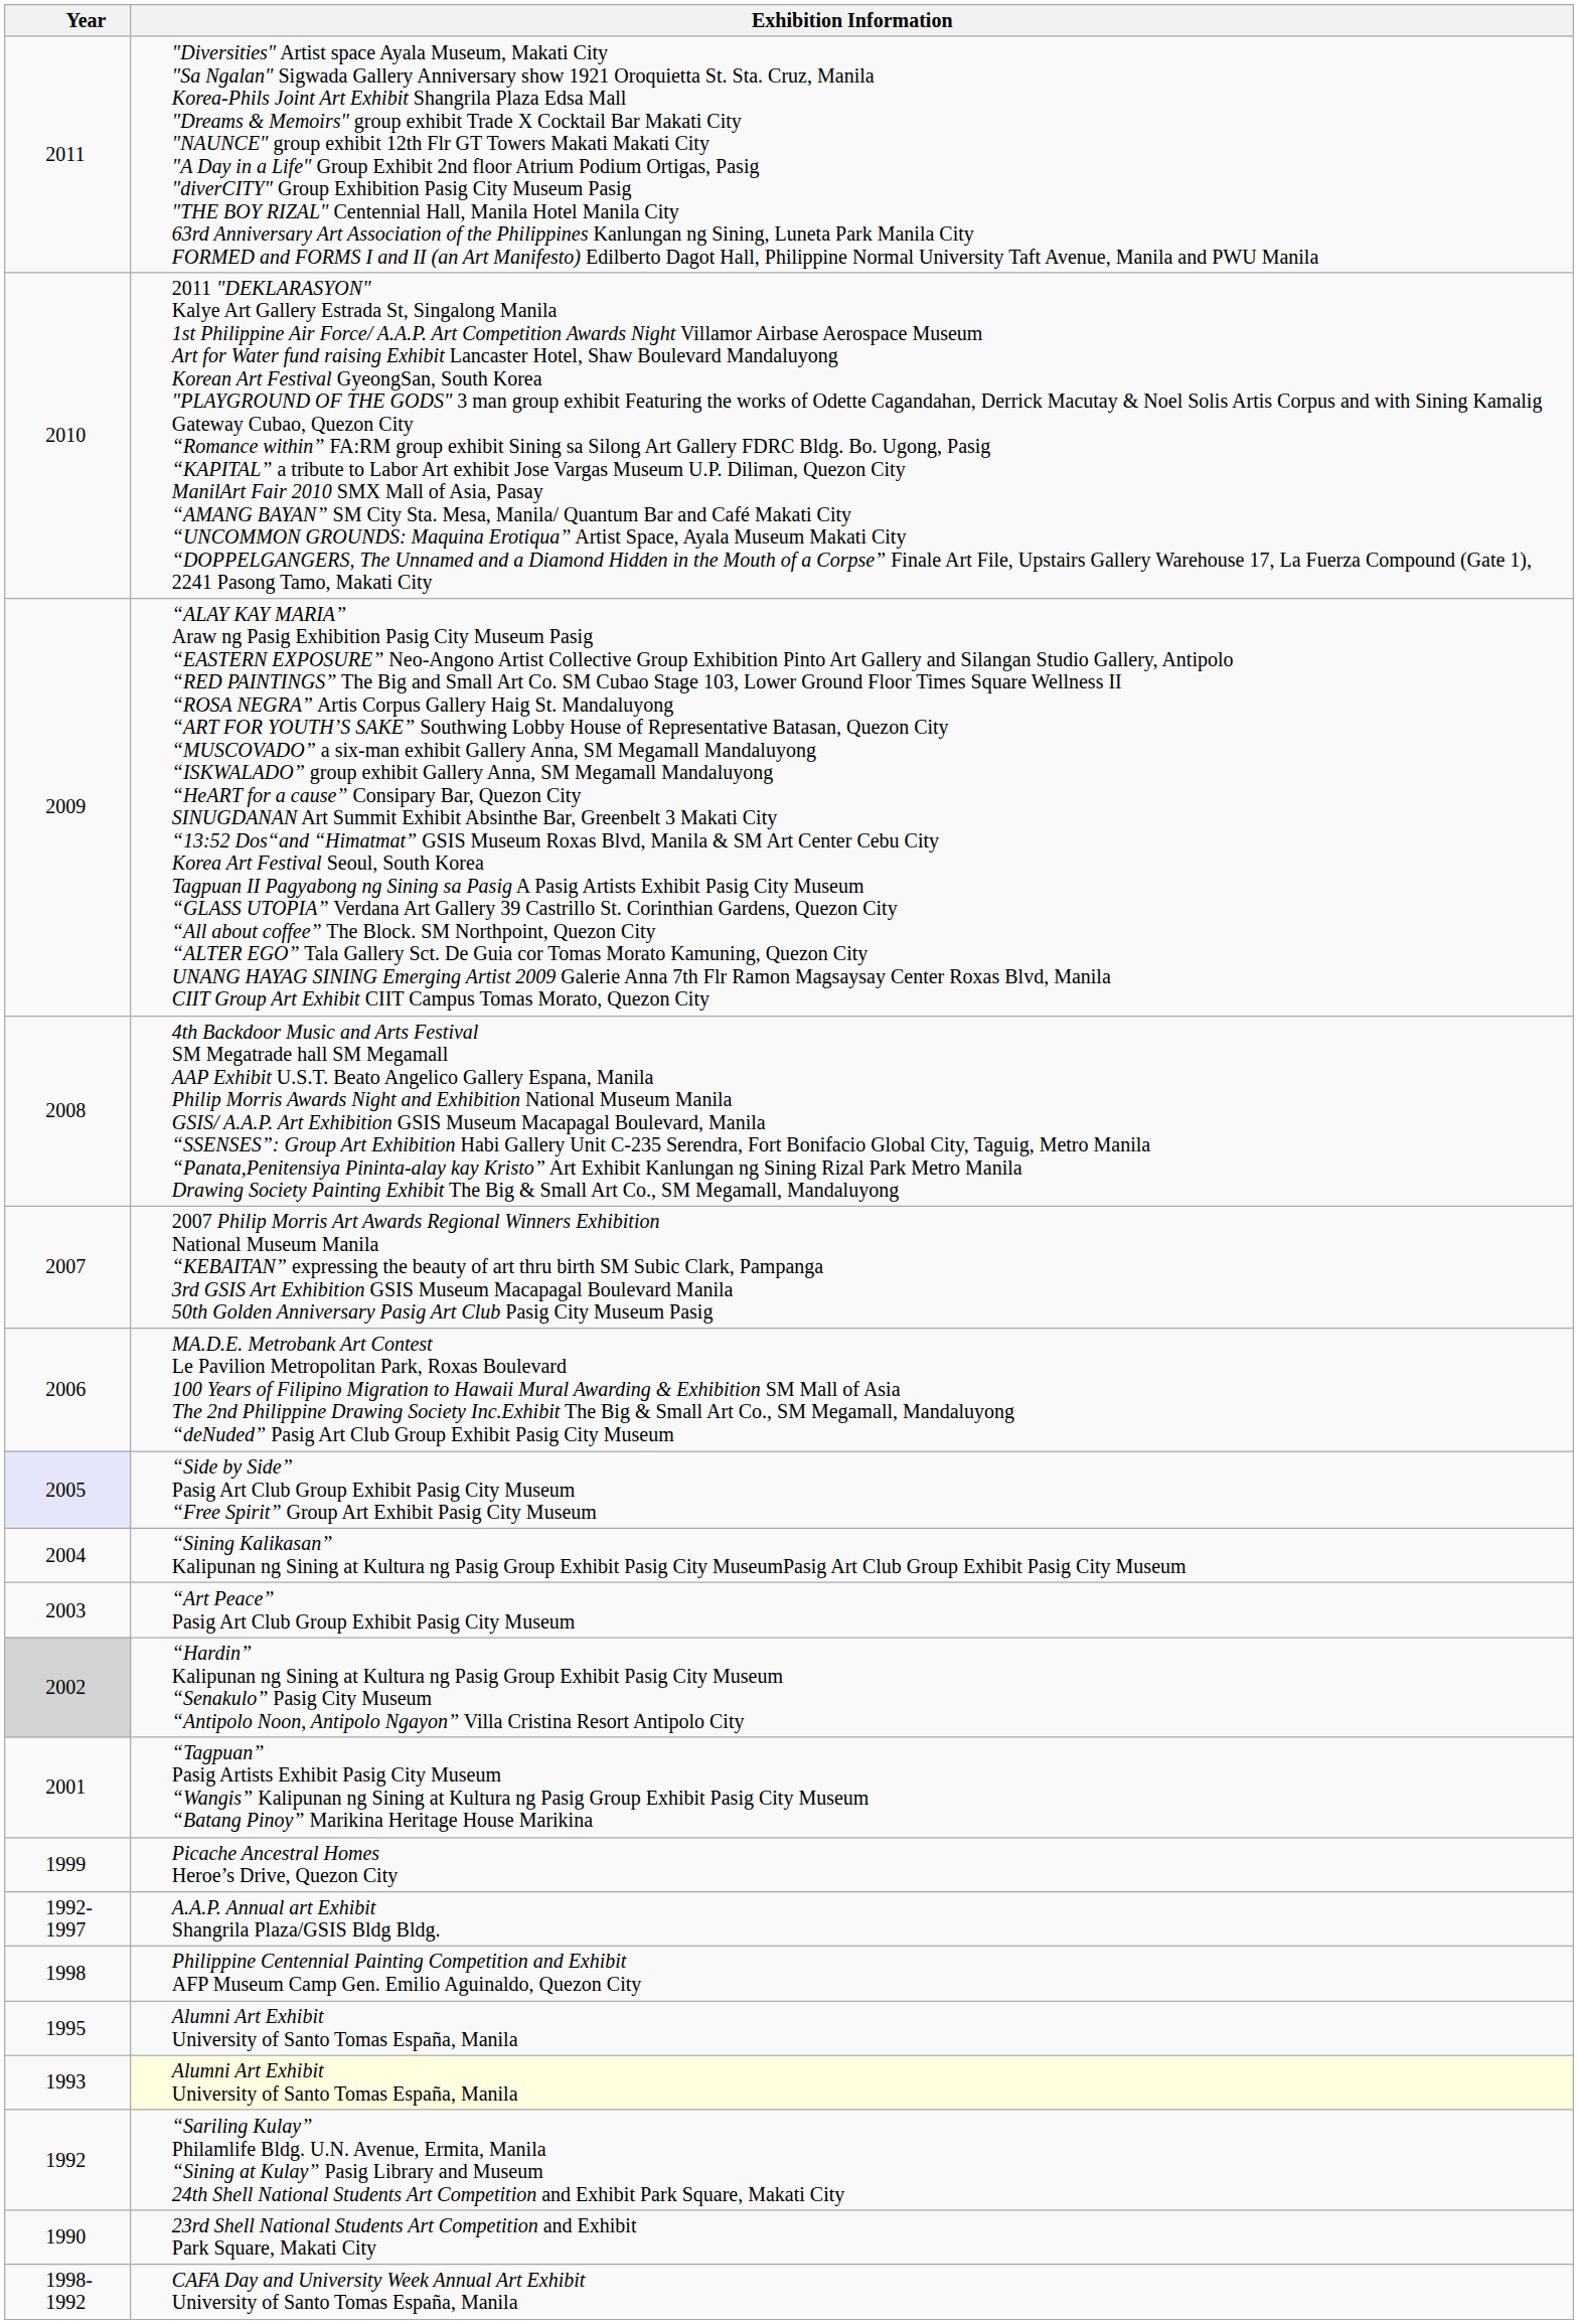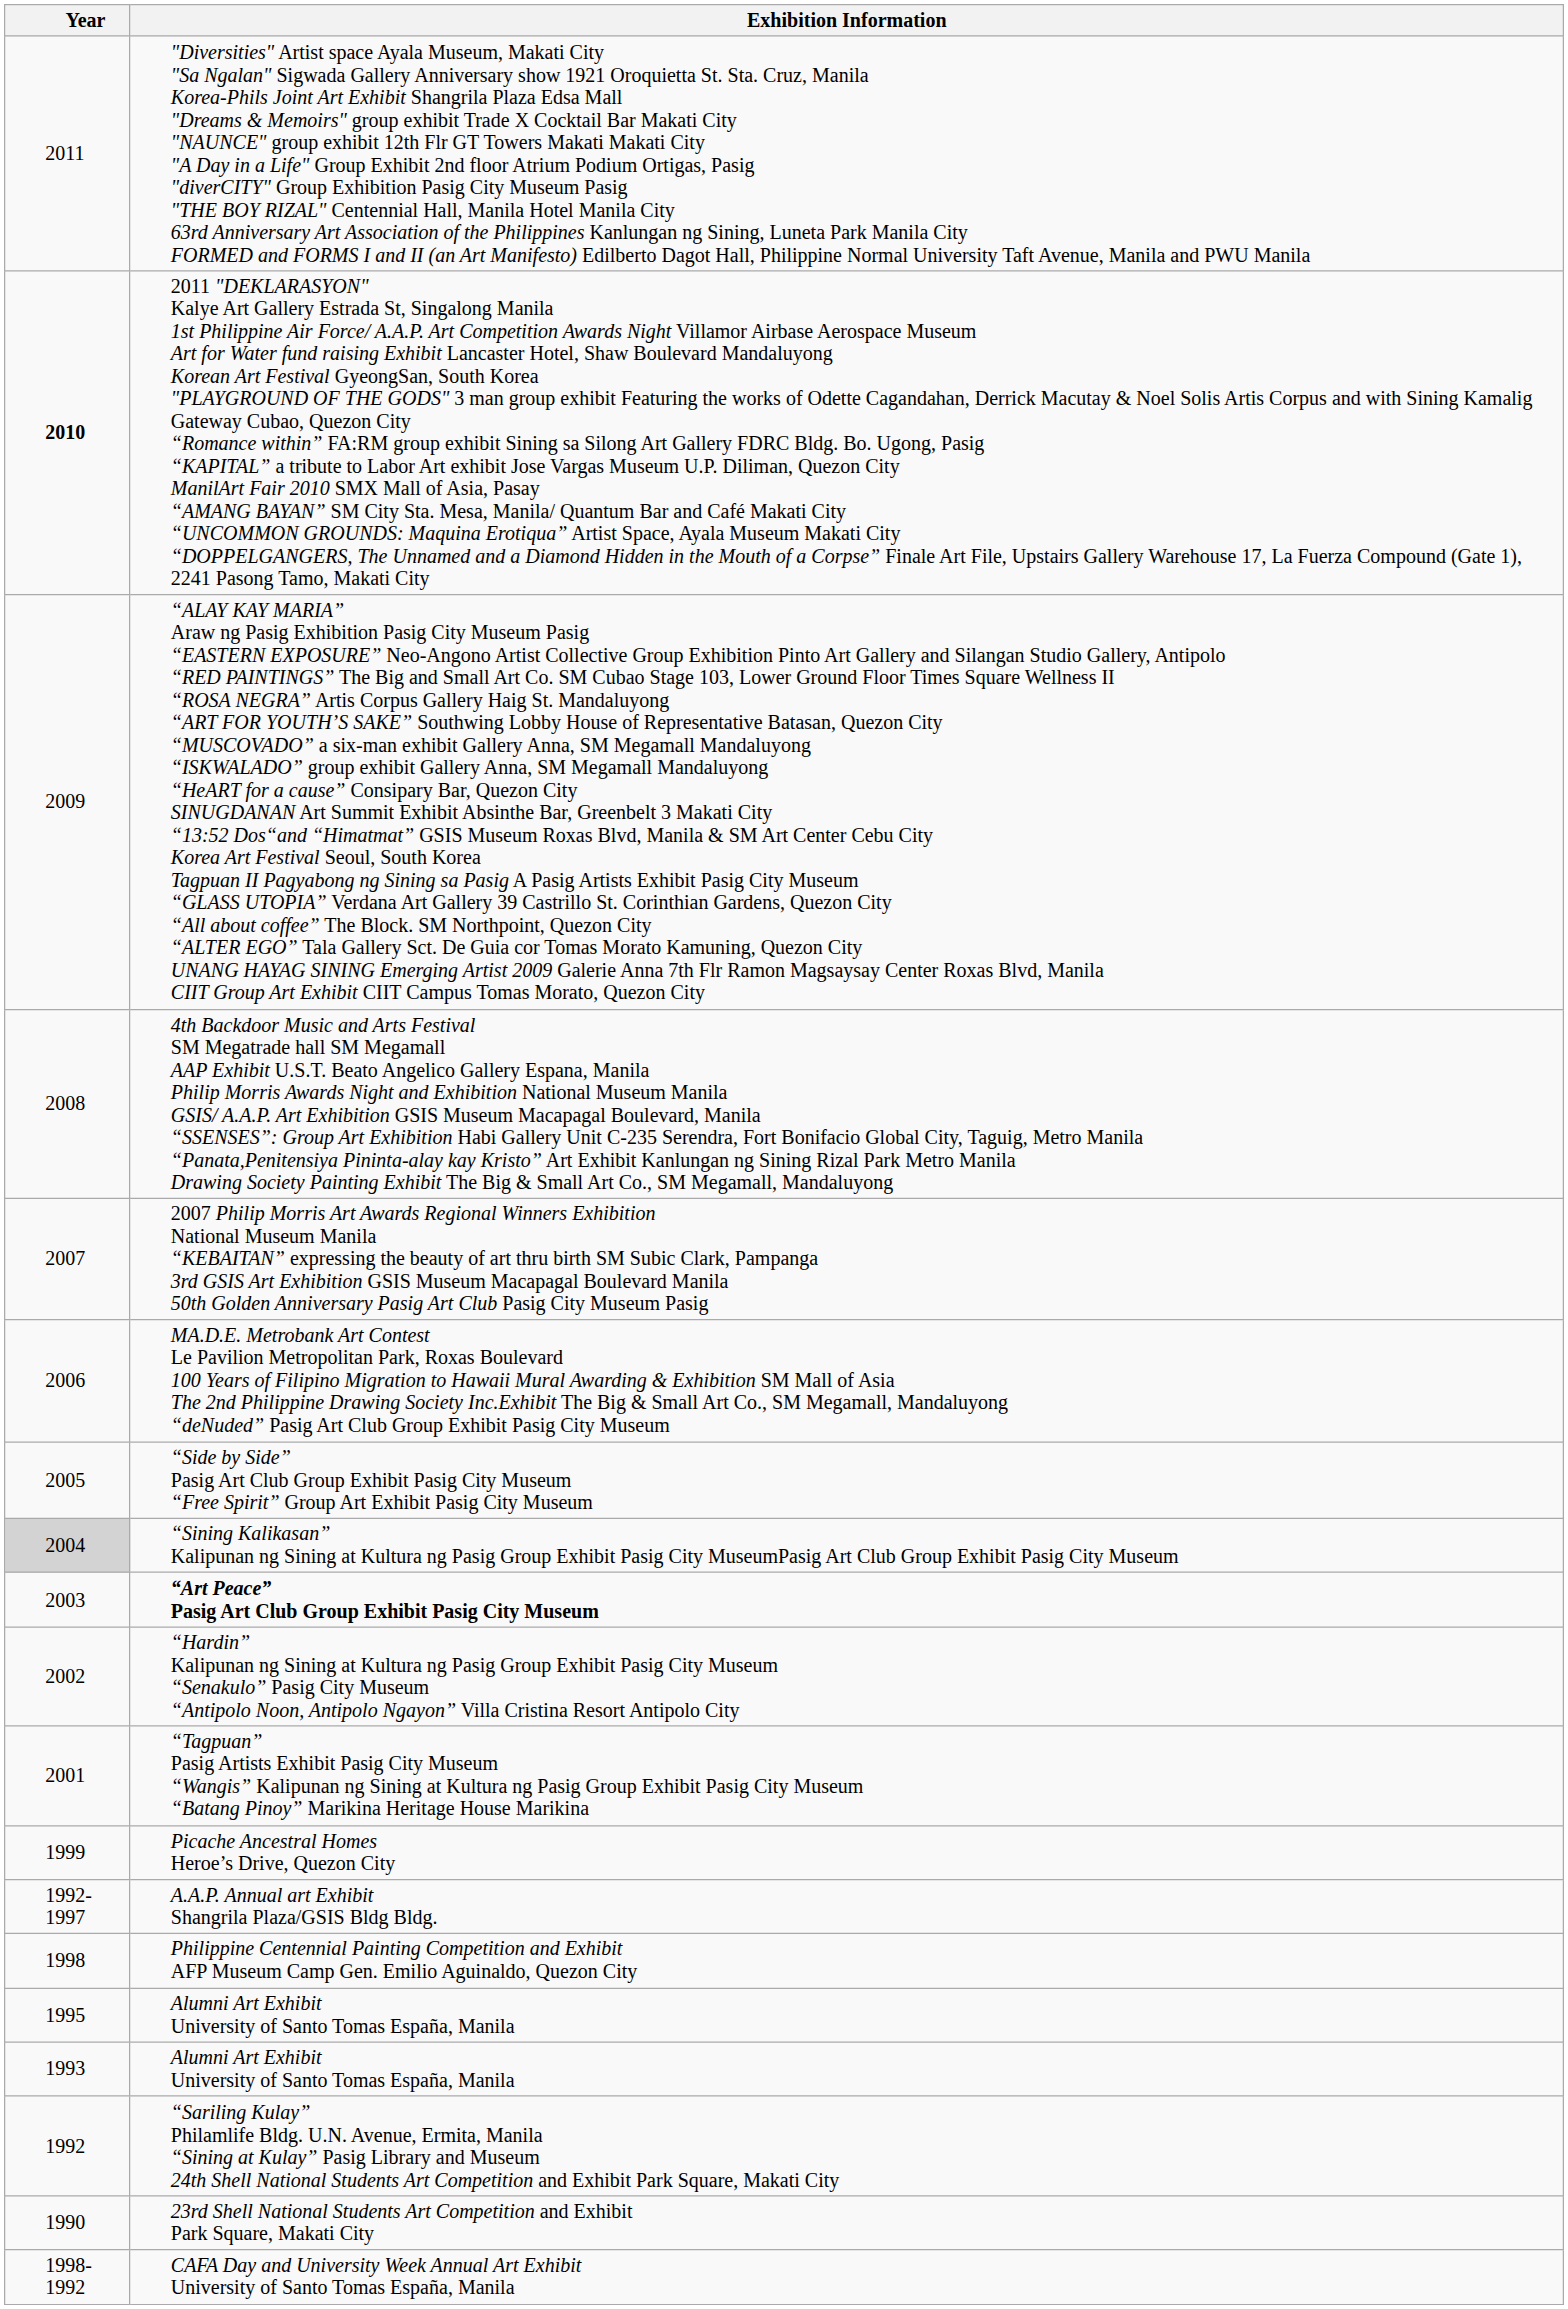 <table class="wikitable">
 <tr>
 <th style="padding-left: 2em">Year</th>
 <th>Exhibition Information</th>
 </tr>
 <tr>
 <td style="padding-left: 2em">2011</td>
 <td style="padding-left: 2em"><em>"Diversities"</em> Artist space Ayala Museum, Makati City<br><em>"Sa Ngalan"</em> 	Sigwada Gallery Anniversary show 	1921 Oroquietta St. Sta. Cruz, Manila<br><em>Korea-Phils Joint Art Exhibit</em> 	Shangrila Plaza Edsa Mall<br><em>"Dreams & Memoirs"</em> group exhibit 	Trade X Cocktail Bar 	Makati City<br><em>"NAUNCE"</em> group exhibit 	12th Flr GT Towers Makati 	Makati City<br><em>"A Day in a Life"</em> Group Exhibit 	2nd floor Atrium 	Podium Ortigas, Pasig<br><em>"diverCITY"</em> Group Exhibition 	Pasig City Museum 	Pasig<br><em>"THE BOY RIZAL"</em> 	Centennial Hall, Manila Hotel 	Manila City<br><em>63rd Anniversary Art Association of the Philippines</em> 	Kanlungan ng Sining, Luneta Park 	Manila City<br><em>FORMED and FORMS I and II (an Art Manifesto)</em> 	Edilberto Dagot Hall, Philippine Normal University 	Taft Avenue, Manila and PWU Manila</td>
 </tr>
 <tr>
-<td style="padding-left: 2em">2010</td>
+<td style="padding-left: 2em"><strong>2010</strong></td>
 <td style="padding-left: 2em">2011 <em>"DEKLARASYON"</em><br>	Kalye Art Gallery 	Estrada St, Singalong Manila<br><em>1st Philippine Air Force/ A.A.P. Art Competition Awards Night</em> 	Villamor Airbase Aerospace Museum<br><em>Art for Water fund raising Exhibit</em> 	Lancaster Hotel, Shaw Boulevard  	Mandaluyong<br><em>Korean Art Festival</em> 	GyeongSan, South Korea<br><em>"PLAYGROUND OF THE GODS"</em> 	3 man group exhibit 	Featuring the works of Odette Cagandahan, Derrick Macutay & Noel Solis  	Artis Corpus and with Sining Kamalig 	Gateway Cubao, Quezon City<br><em>“Romance within”</em> FA:RM group exhibit 	Sining sa Silong Art Gallery FDRC Bldg. 	Bo. Ugong, Pasig<br><em>“KAPITAL”</em> a tribute to Labor Art exhibit 	Jose Vargas Museum U.P. Diliman, Quezon City<br><em>ManilArt Fair 2010</em> 	SMX Mall of Asia, Pasay<br><em>“AMANG BAYAN”</em> 	SM City Sta. Mesa, Manila/ Quantum Bar and Café 	Makati City<br><em>“UNCOMMON GROUNDS: Maquina Erotiqua”</em> 	Artist Space, Ayala Museum 	Makati City<br><em>“DOPPELGANGERS, The Unnamed and a Diamond Hidden in the Mouth of a Corpse”</em>  Finale Art File,  Upstairs Gallery Warehouse 17, La Fuerza Compound (Gate 1),  2241 Pasong Tamo, Makati City</td>
 </tr>
 <tr>
 <td style="padding-left: 2em">2009</td>
 <td style="padding-left: 2em"><em>“ALAY KAY MARIA”</em><br>	Araw ng Pasig Exhibition 	Pasig City Museum 	Pasig<br><em>“EASTERN EXPOSURE”</em> 	Neo-Angono Artist Collective Group Exhibition 	Pinto Art Gallery and Silangan Studio Gallery, Antipolo<br><em>“RED PAINTINGS”</em> 	The Big and Small Art Co. 	SM Cubao Stage 103, Lower Ground Floor 	Times Square Wellness II<br><em>“ROSA NEGRA”</em> 	Artis Corpus Gallery 	Haig St. Mandaluyong<br><em>“ART FOR YOUTH’S SAKE”</em> 	Southwing Lobby House of Representative  	Batasan, Quezon City<br><em>“MUSCOVADO”</em> a six-man exhibit 	Gallery Anna, SM Megamall 	Mandaluyong<br><em>“ISKWALADO”</em> group exhibit 	Gallery Anna, SM Megamall 	Mandaluyong<br><em>“HeART for a cause”</em> 	Consipary Bar, Quezon City<br><em>SINUGDANAN</em> Art Summit Exhibit 	Absinthe Bar, Greenbelt 3 Makati City<br><em>“13:52 Dos“and “Himatmat”</em> 	GSIS Museum Roxas Blvd, Manila 	& SM Art Center Cebu City<br><em>Korea Art Festival</em> 	Seoul, South Korea<br><em>Tagpuan II Pagyabong ng Sining sa Pasig</em> 	A Pasig Artists Exhibit 	Pasig City Museum<br><em>“GLASS UTOPIA”</em> 	Verdana Art Gallery 	39 Castrillo St. Corinthian Gardens, Quezon City<br><em>“All about coffee”</em> 	The Block. SM Northpoint, Quezon City<br><em>“ALTER EGO”</em> 	Tala Gallery 	Sct. De Guia cor Tomas Morato Kamuning, Quezon City<br><em>UNANG HAYAG SINING Emerging Artist 2009</em> 	Galerie Anna 	7th Flr Ramon Magsaysay Center Roxas Blvd, Manila<br><em>CIIT Group Art Exhibit</em> 	CIIT Campus Tomas Morato, Quezon City</td>
 </tr>
 <tr>
 <td style="padding-left: 2em">2008</td>
 <td style="padding-left: 2em"><em>4th Backdoor Music and Arts Festival</em><br>	SM Megatrade hall 	SM Megamall<br><em>AAP Exhibit</em> 	U.S.T. Beato Angelico Gallery 	Espana, Manila<br><em>Philip Morris Awards Night and Exhibition</em> 		National Museum 		Manila<br><em>GSIS/ A.A.P. Art Exhibition</em> GSIS Museum Macapagal Boulevard, Manila<br><em>“SSENSES”: Group Art Exhibition</em> 		Habi Gallery  Unit C-235 Serendra, Fort Bonifacio Global City,  Taguig, Metro Manila<br><em>“Panata,Penitensiya Pininta-alay kay Kristo”</em> Art Exhibit Kanlungan ng Sining Rizal Park Metro Manila<br><em>Drawing Society Painting Exhibit</em> The Big & Small Art Co., SM Megamall, Mandaluyong</td>
 </tr>
 <tr>
 <td style="padding-left: 2em">2007</td>
 <td style="padding-left: 2em">2007	<em>Philip Morris Art Awards Regional Winners Exhibition</em><br>National Museum Manila<br><em>“KEBAITAN”</em> expressing the beauty of art thru birth SM Subic Clark, Pampanga<br><em>3rd GSIS Art Exhibition</em> GSIS Museum Macapagal Boulevard Manila<br><em>50th Golden Anniversary Pasig Art Club</em> 		Pasig City Museum 		Pasig</td>
 </tr>
 <tr>
 <td style="padding-left: 2em">2006</td>
 <td style="padding-left: 2em"><em>MA.D.E.  Metrobank Art Contest</em><br>		Le Pavilion Metropolitan Park, Roxas Boulevard<br><em>100 Years of Filipino Migration to Hawaii Mural Awarding & Exhibition</em> 		SM Mall of Asia<br><em>The 2nd Philippine Drawing Society Inc.Exhibit</em> 		The Big & Small Art Co., SM Megamall, Mandaluyong<br><em>“deNuded”</em>  Pasig Art Club Group Exhibit 		Pasig City Museum</td>
 </tr>
 <tr>
-<td style="background: lavender; padding-left: 2em">2005</td>
+<td style="padding-left: 2em">2005</td>
 <td style="padding-left: 2em"><em>“Side by Side”</em><br>Pasig Art Club Group Exhibit 		Pasig City Museum<br><em>“Free Spirit”</em> 		Group Art Exhibit 		Pasig City Museum</td>
 </tr>
 <tr>
-<td style="padding-left: 2em">2004</td>
+<td style="background: lightgrey; padding-left: 2em">2004</td>
 <td style="padding-left: 2em"><em>“Sining Kalikasan”</em><br>Kalipunan ng Sining at Kultura ng Pasig Group Exhibit 		Pasig City MuseumPasig Art Club Group Exhibit 		Pasig City Museum</td>
 </tr>
 <tr>
 <td style="padding-left: 2em">2003</td>
-<td style="padding-left: 2em"><em>“Art Peace”</em><br>Pasig Art Club Group Exhibit Pasig City Museum</td>
+<td style="padding-left: 2em"><strong><em>“Art Peace”</em><br>Pasig Art Club Group Exhibit Pasig City Museum</strong></td>
 </tr>
 <tr>
-<td style="background: lightgrey; padding-left: 2em">2002</td>
+<td style="padding-left: 2em">2002</td>
 <td style="padding-left: 2em"><em>“Hardin”</em><br>Kalipunan ng Sining at Kultura ng Pasig Group Exhibit Pasig City Museum<br><em>“Senakulo”</em> Pasig City Museum<br><em>“Antipolo Noon, Antipolo Ngayon”</em> Villa Cristina Resort Antipolo City</td>
 </tr>
 <tr>
 <td style="padding-left: 2em">2001</td>
 <td style="padding-left: 2em"><em>“Tagpuan”</em><br>Pasig Artists Exhibit Pasig City Museum<br><em>“Wangis”</em> Kalipunan ng Sining at Kultura ng Pasig Group Exhibit Pasig City Museum<br><em>“Batang Pinoy”</em> Marikina Heritage House Marikina</td>
 </tr>
 <tr>
 <td style="padding-left: 2em">1999</td>
 <td style="padding-left: 2em"><em>Picache Ancestral Homes</em><br>Heroe’s Drive, Quezon City</td>
 </tr>
 <tr>
 <td style="padding-left: 2em">1992-1997</td>
 <td style="padding-left: 2em"><em>A.A.P. Annual art Exhibit</em><br>Shangrila Plaza/GSIS Bldg Bldg.</td>
 </tr>
 <tr>
 <td style="padding-left: 2em">1998</td>
 <td style="padding-left: 2em"><em>Philippine Centennial Painting Competition and Exhibit</em><br>AFP Museum Camp Gen. Emilio Aguinaldo, Quezon City</td>
 </tr>
 <tr>
 <td style="padding-left: 2em">1995</td>
 <td style="padding-left: 2em"><em>Alumni Art Exhibit</em><br>University of Santo Tomas España, Manila</td>
 </tr>
 <tr>
 <td style="padding-left: 2em">1993</td>
-<td style="background: lightyellow; padding-left: 2em"><em>Alumni Art Exhibit</em><br>University of Santo Tomas España, Manila</td>
+<td style="padding-left: 2em"><em>Alumni Art Exhibit</em><br>University of Santo Tomas España, Manila</td>
 </tr>
 <tr>
 <td style="padding-left: 2em">1992</td>
 <td style="padding-left: 2em"><em>“Sariling Kulay”</em><br>Philamlife Bldg. U.N. Avenue, Ermita, Manila<br><em>“Sining at Kulay”</em> Pasig Library and Museum<br><em>24th Shell National Students Art Competition</em> and Exhibit Park Square, Makati City</td>
 </tr>
 <tr>
 <td style="padding-left: 2em">1990</td>
 <td style="padding-left: 2em"><em>23rd Shell National Students Art Competition</em> and Exhibit<br>Park Square, Makati City</td>
 </tr>
 <tr>
 <td style="padding-left: 2em">1998-1992</td>
 <td style="padding-left: 2em"><em>CAFA Day and University Week Annual Art Exhibit</em><br>University of Santo Tomas España, Manila</td>
 </tr>
 </table>
